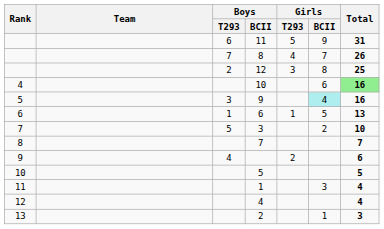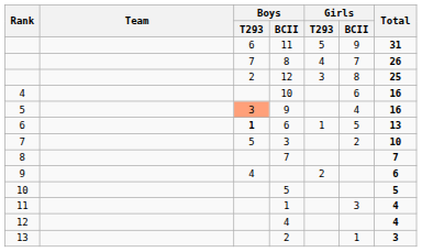 <table class="wikitable" style="text-align:center">
 <tr>
 <th rowspan="2" width=40>Rank</th>
 <th rowspan="2" width=250>Team</th>
 <th colspan="2">Boys</th>
 <th colspan="2">Girls</th>
 <th rowspan="2" width=50>Total</th>
 </tr>
 <tr>
 <th width=40>T293</th>
 <th width=40>BCII</th>
 <th width=40>T293</th>
 <th width=40>BCII</th>
 </tr>
 <tr>
 <td></td>
 <td align=left></td>
 <td>6</td>
 <td>11</td>
 <td>5</td>
 <td>9</td>
 <td><strong>31</strong></td>
 </tr>
 <tr>
 <td></td>
 <td align=left></td>
 <td>7</td>
 <td>8</td>
 <td>4</td>
 <td>7</td>
 <td><strong>26</strong></td>
 </tr>
 <tr>
 <td></td>
 <td align=left></td>
 <td>2</td>
 <td>12</td>
 <td>3</td>
 <td>8</td>
 <td><strong>25</strong></td>
 </tr>
 <tr>
 <td>4</td>
 <td align=left></td>
 <td></td>
 <td>10</td>
 <td></td>
 <td>6</td>
-<td style="background: lightgreen;"><strong>16</strong></td>
+<td><strong>16</strong></td>
 </tr>
 <tr>
 <td>5</td>
 <td align=left></td>
-<td>3</td>
+<td style="background: lightsalmon;">3</td>
 <td>9</td>
 <td></td>
-<td style="background: paleturquoise;">4</td>
+<td>4</td>
 <td><strong>16</strong></td>
 </tr>
 <tr>
 <td>6</td>
 <td align=left></td>
-<td>1</td>
+<td><strong>1</strong></td>
 <td>6</td>
 <td>1</td>
 <td>5</td>
 <td><strong>13</strong></td>
 </tr>
 <tr>
 <td>7</td>
 <td align=left></td>
 <td>5</td>
 <td>3</td>
 <td></td>
 <td>2</td>
 <td><strong>10</strong></td>
 </tr>
 <tr>
 <td>8</td>
 <td align=left></td>
 <td></td>
 <td>7</td>
 <td></td>
 <td></td>
 <td><strong>7</strong></td>
 </tr>
 <tr>
 <td>9</td>
 <td align=left></td>
 <td>4</td>
 <td></td>
 <td>2</td>
 <td></td>
 <td><strong>6</strong></td>
 </tr>
 <tr>
 <td>10</td>
 <td align=left></td>
 <td></td>
 <td>5</td>
 <td></td>
 <td></td>
 <td><strong>5</strong></td>
 </tr>
 <tr>
 <td>11</td>
 <td align=left></td>
 <td></td>
 <td>1</td>
 <td></td>
 <td>3</td>
 <td><strong>4</strong></td>
 </tr>
 <tr>
 <td>12</td>
 <td align=left></td>
 <td></td>
 <td>4</td>
 <td></td>
 <td></td>
 <td><strong>4</strong></td>
 </tr>
 <tr>
 <td>13</td>
 <td align=left></td>
 <td></td>
 <td>2</td>
 <td></td>
 <td>1</td>
 <td><strong>3</strong></td>
 </tr>
 </table>
